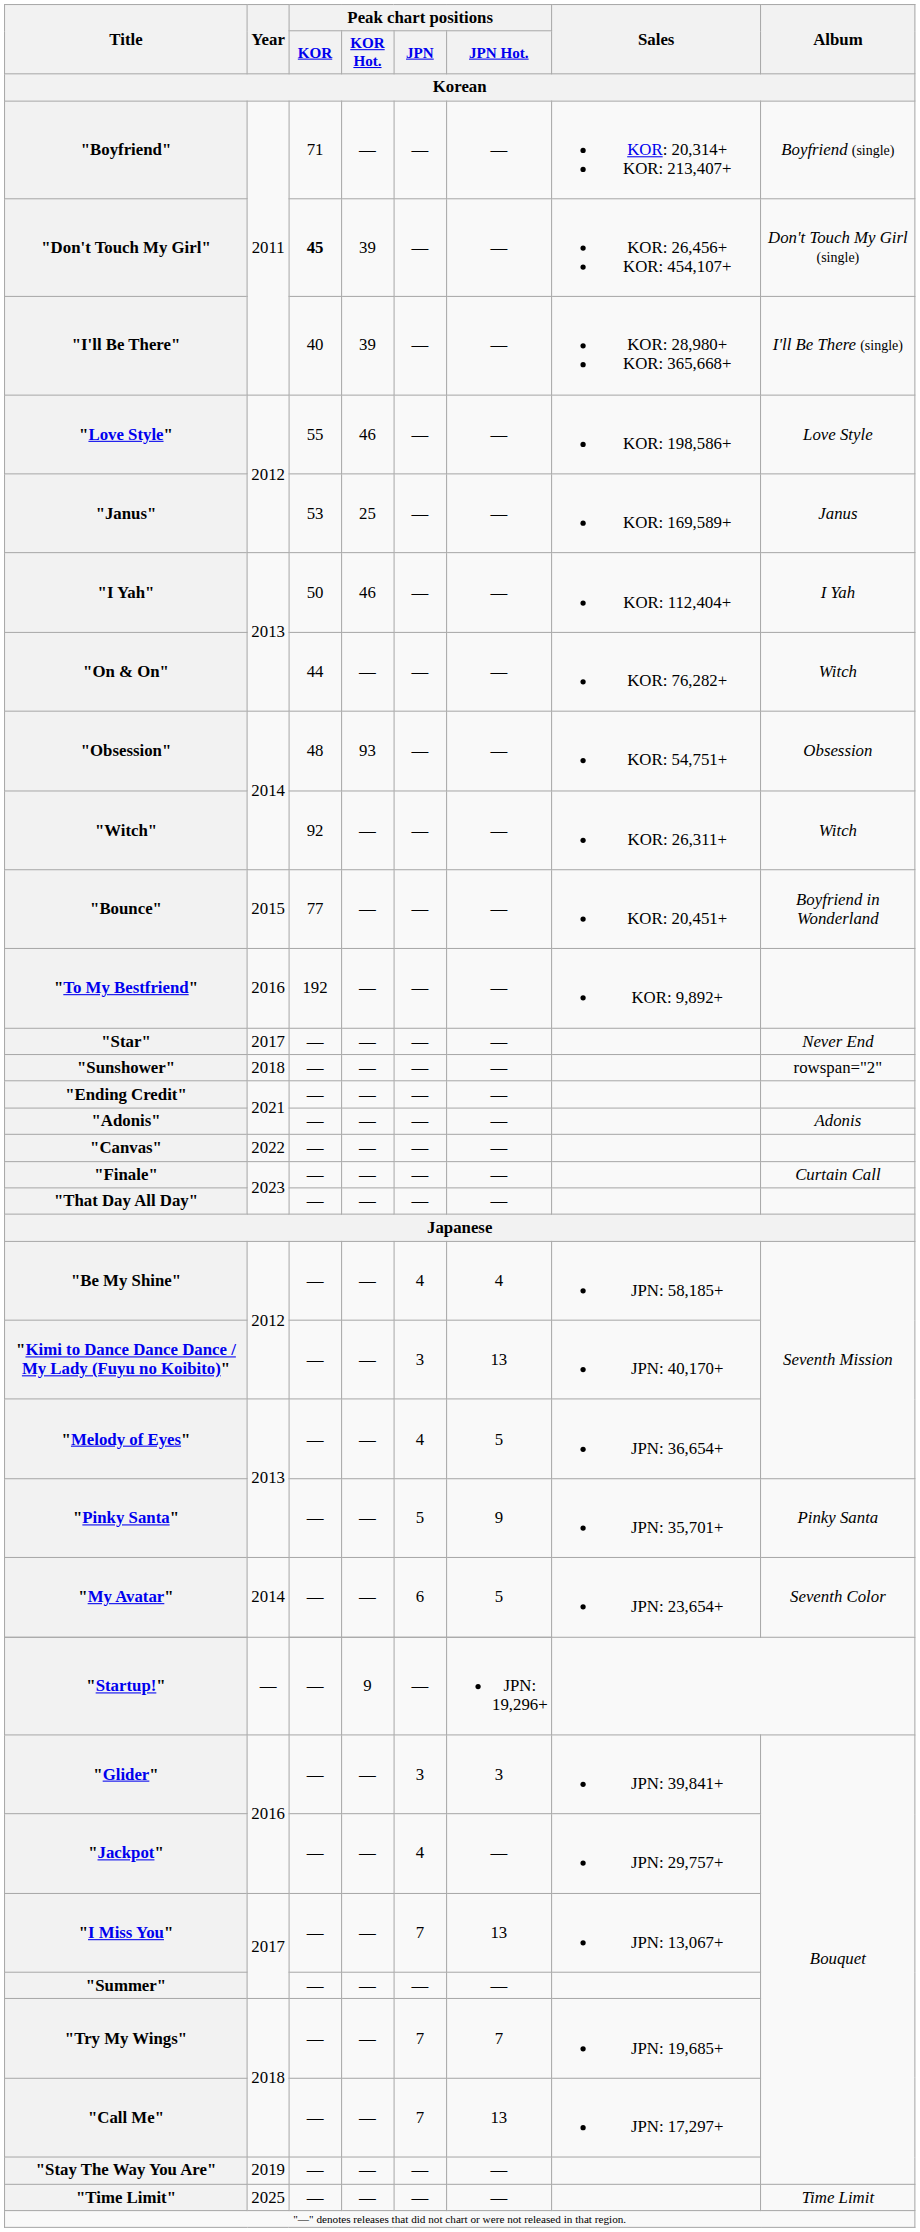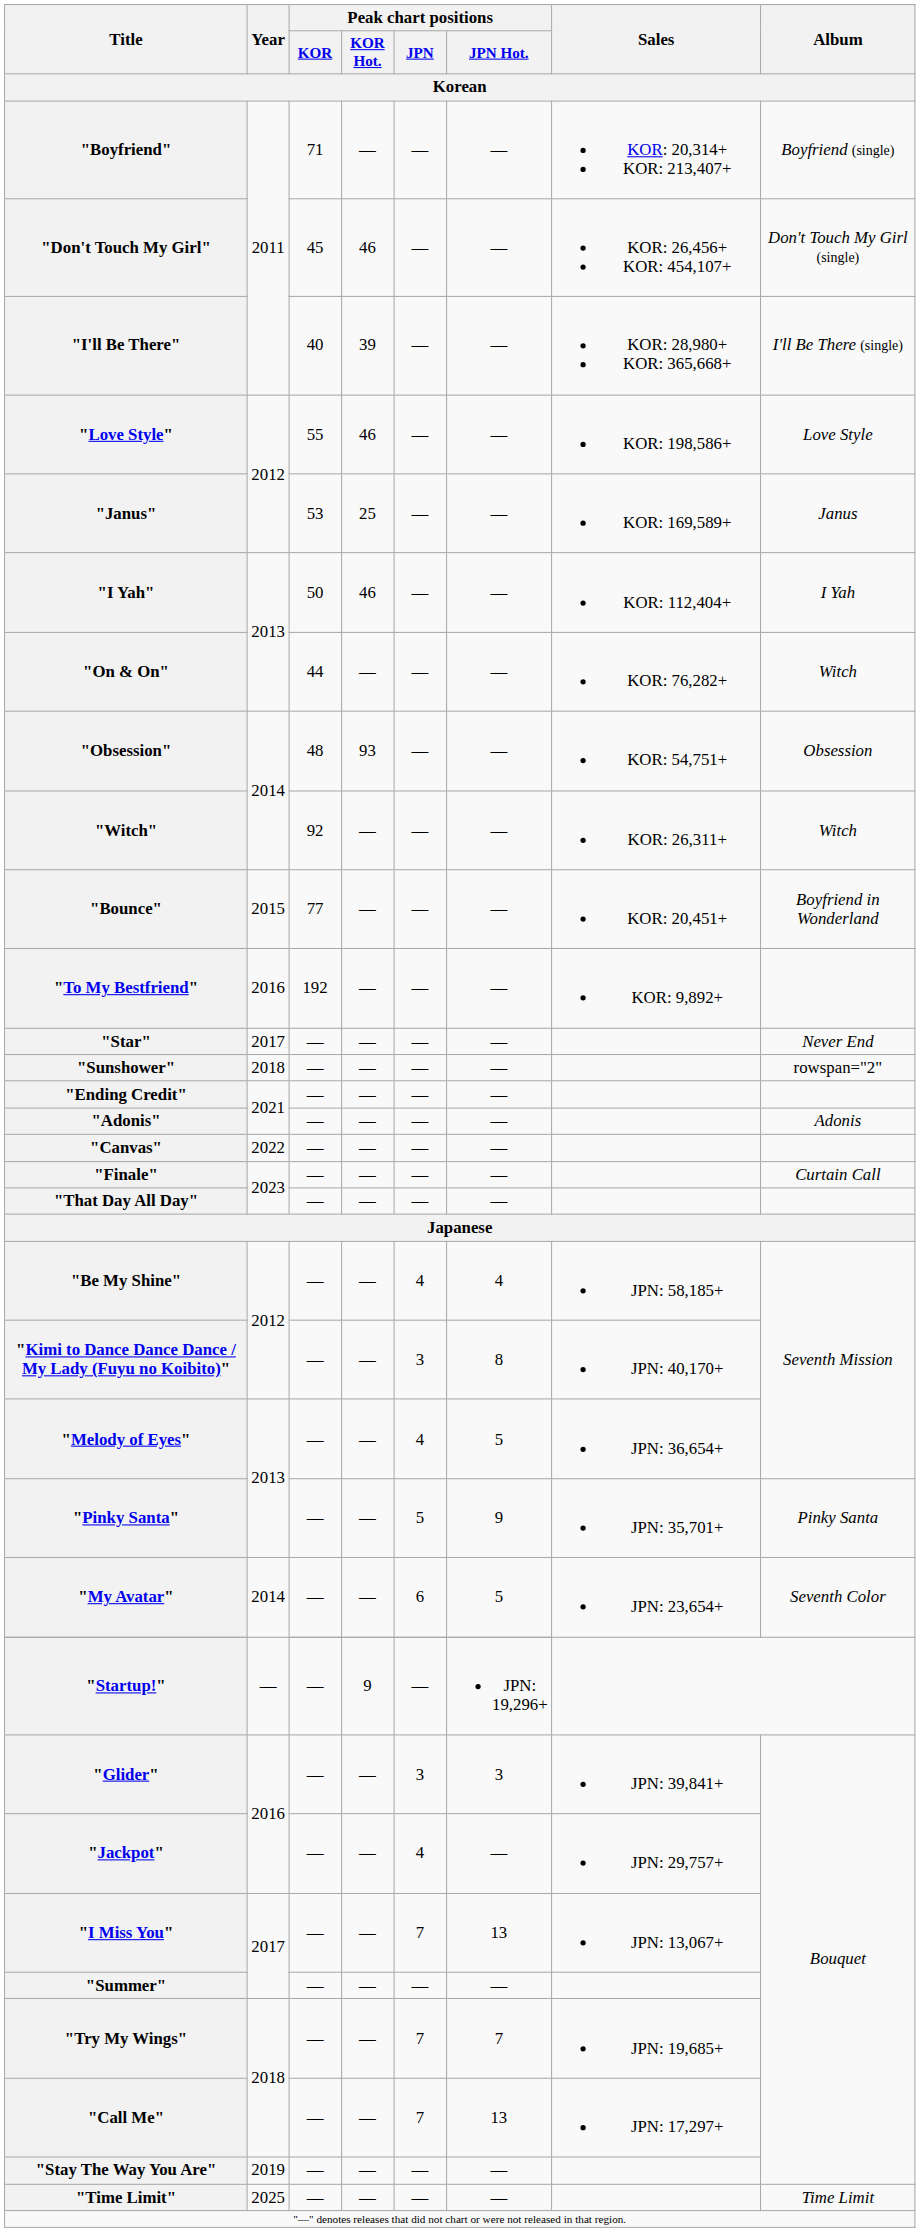 <table class="wikitable plainrowheaders" style="text-align:center;">
 <tr>
 <th scope="col" rowspan="2" style="width:14em;">Title</th>
 <th scope="col" rowspan="2">Year</th>
 <th scope="col" colspan="4">Peak chart positions</th>
 <th scope="col" rowspan="2" style="width:12em;">Sales</th>
 <th scope="col" rowspan="2">Album</th>
 </tr>
 <tr>
 <th scope="col" style="width:3em;font-size:90%;"><a href='#'>KOR</a><br></th>
 <th scope="col" style="width:3em;font-size:90%;"><a href='#'>KOR Hot.</a><br></th>
 <th scope="col" style="width:3em;font-size:90%;"><a href='#'>JPN</a><br></th>
 <th scope="col" style="width:3em;font-size:90%;"><a href='#'>JPN Hot.</a><br></th>
 </tr>
 <tr>
 <th colspan="8">Korean</th>
 </tr>
 <tr>
 <th scope="row">"Boyfriend"</th>
 <td rowspan="3">2011</td>
 <td>71</td>
 <td>—</td>
 <td>—</td>
 <td>—</td>
 <td><br><ul><li><a href='#'>KOR</a>: 20,314+ </li><li>KOR: 213,407+</li></ul></td>
 <td><em>Boyfriend</em> <small>(single)</small></td>
 </tr>
 <tr>
 <th scope="row">"Don't Touch My Girl"</th>
-<td><strong>45</strong></td>
-<td>39</td>
+<td>45</td>
+<td>46</td>
 <td>—</td>
 <td>—</td>
 <td><br><ul><li>KOR: 26,456+ </li><li>KOR: 454,107+</li></ul></td>
 <td><em>Don't Touch My Girl</em> <small>(single)</small></td>
 </tr>
 <tr>
 <th scope="row">"I'll Be There"</th>
 <td>40</td>
 <td>39</td>
 <td>—</td>
 <td>—</td>
 <td><br><ul><li>KOR: 28,980+ </li><li>KOR: 365,668+</li></ul></td>
 <td><em>I'll Be There</em> <small>(single)</small></td>
 </tr>
 <tr>
 <th scope="row">"<a href='#'>Love Style</a>"</th>
 <td rowspan="2">2012</td>
 <td>55</td>
 <td>46</td>
 <td>—</td>
 <td>—</td>
 <td><br><ul><li>KOR: 198,586+</li></ul></td>
 <td><em>Love Style</em></td>
 </tr>
 <tr>
 <th scope="row">"Janus"</th>
 <td>53</td>
 <td>25</td>
 <td>—</td>
 <td>—</td>
 <td><br><ul><li>KOR: 169,589+</li></ul></td>
 <td><em>Janus</em></td>
 </tr>
 <tr>
 <th scope="row">"I Yah"</th>
 <td rowspan="2">2013</td>
 <td>50</td>
 <td>46</td>
 <td>—</td>
 <td>—</td>
 <td><br><ul><li>KOR: 112,404+</li></ul></td>
 <td><em>I Yah</em></td>
 </tr>
 <tr>
 <th scope="row">"On & On"</th>
 <td>44</td>
 <td>—</td>
 <td>—</td>
 <td>—</td>
 <td><br><ul><li>KOR: 76,282+</li></ul></td>
 <td><em>Witch</em></td>
 </tr>
 <tr>
 <th scope="row">"Obsession"</th>
 <td rowspan="2">2014</td>
 <td>48</td>
 <td>93</td>
 <td>—</td>
 <td>—</td>
 <td><br><ul><li>KOR: 54,751+</li></ul></td>
 <td><em>Obsession</em></td>
 </tr>
 <tr>
 <th scope="row">"Witch"</th>
 <td>92</td>
 <td>—</td>
 <td>—</td>
 <td>—</td>
 <td><br><ul><li>KOR: 26,311+</li></ul></td>
 <td><em>Witch</em></td>
 </tr>
 <tr>
 <th scope="row">"Bounce"</th>
 <td>2015</td>
 <td>77</td>
 <td>—</td>
 <td>—</td>
 <td>—</td>
 <td><br><ul><li>KOR: 20,451+</li></ul></td>
 <td><em>Boyfriend in Wonderland</em></td>
 </tr>
 <tr>
 <th scope="row">"<a href='#'>To My Bestfriend</a>"</th>
 <td>2016</td>
 <td>192</td>
 <td>—</td>
 <td>—</td>
 <td>—</td>
 <td><br><ul><li>KOR: 9,892+</li></ul></td>
 <td></td>
 </tr>
 <tr>
 <th scope="row">"Star"</th>
 <td>2017</td>
 <td>—</td>
 <td>—</td>
 <td>—</td>
 <td>—</td>
 <td></td>
 <td><em>Never End</em></td>
 </tr>
 <tr>
 <th scope="row">"Sunshower"</th>
 <td>2018</td>
 <td>—</td>
 <td>—</td>
 <td>—</td>
 <td>—</td>
 <td></td>
 <td>rowspan="2" </td>
 </tr>
 <tr>
 <th scope="row">"Ending Credit"</th>
 <td rowspan="2">2021</td>
 <td>—</td>
 <td>—</td>
 <td>—</td>
 <td>—</td>
 <td></td>
 </tr>
 <tr>
 <th scope="row">"Adonis"</th>
 <td>—</td>
 <td>—</td>
 <td>—</td>
 <td>—</td>
 <td></td>
 <td><em>Adonis</em></td>
 </tr>
 <tr>
 <th scope="row">"Canvas"</th>
 <td>2022</td>
 <td>—</td>
 <td>—</td>
 <td>—</td>
 <td>—</td>
 <td></td>
 <td></td>
 </tr>
 <tr>
 <th scope="row">"Finale"</th>
 <td rowspan="2">2023</td>
 <td>—</td>
 <td>—</td>
 <td>—</td>
 <td>—</td>
 <td></td>
 <td><em>Curtain Call</em></td>
 </tr>
 <tr>
 <th scope="row">"That Day All Day"</th>
 <td>—</td>
 <td>—</td>
 <td>—</td>
 <td>—</td>
 <td></td>
 <td></td>
 </tr>
 <tr>
 <th colspan="8">Japanese</th>
 </tr>
 <tr>
 <th scope="row">"Be My Shine"</th>
 <td rowspan="2">2012</td>
 <td>—</td>
 <td>—</td>
 <td>4</td>
 <td>4</td>
 <td><br><ul><li>JPN: 58,185+</li></ul></td>
 <td rowspan="3"><em>Seventh Mission</em></td>
 </tr>
 <tr>
 <th scope="row">"<a href='#'>Kimi to Dance Dance Dance / My Lady (Fuyu no Koibito)</a>"</th>
 <td>—</td>
 <td>—</td>
 <td>3</td>
-<td>13</td>
+<td>8</td>
 <td><br><ul><li>JPN: 40,170+</li></ul></td>
 </tr>
 <tr>
 <th scope="row">"<a href='#'>Melody of Eyes</a>"</th>
 <td rowspan="2">2013</td>
 <td>—</td>
 <td>—</td>
 <td>4</td>
 <td>5</td>
 <td><br><ul><li>JPN: 36,654+</li></ul></td>
 </tr>
 <tr>
 <th scope="row">"<a href='#'>Pinky Santa</a>"</th>
 <td>—</td>
 <td>—</td>
 <td>5</td>
 <td>9</td>
 <td><br><ul><li>JPN: 35,701+</li></ul></td>
 <td><em>Pinky Santa</em></td>
 </tr>
 <tr>
 <th scope="row">"<a href='#'>My Avatar</a>"</th>
 <td rowspan="2">2014</td>
 <td>—</td>
 <td>—</td>
 <td>6</td>
 <td>5</td>
 <td><br><ul><li>JPN: 23,654+</li></ul></td>
 <td rowspan="2"><em>Seventh Color</em></td>
 </tr>
 <tr>
 </tr>
 <tr>
 <th scope="row">"<a href='#'>Startup!</a>"</th>
 <td>—</td>
 <td>—</td>
 <td>9</td>
 <td>—</td>
 <td><br><ul><li>JPN: 19,296+</li></ul></td>
 </tr>
 <tr>
 <th scope="row">"<a href='#'>Glider</a>"</th>
 <td rowspan="2">2016</td>
 <td>—</td>
 <td>—</td>
 <td>3</td>
 <td>3</td>
 <td><br><ul><li>JPN: 39,841+</li></ul></td>
 <td rowspan="7"><em>Bouquet</em></td>
 </tr>
 <tr>
 <th scope="row">"<a href='#'>Jackpot</a>"</th>
 <td>—</td>
 <td>—</td>
 <td>4</td>
 <td>—</td>
 <td><br><ul><li>JPN: 29,757+</li></ul></td>
 </tr>
 <tr>
 <th scope="row">"<a href='#'>I Miss You</a>"</th>
 <td rowspan="2">2017</td>
 <td>—</td>
 <td>—</td>
 <td>7</td>
 <td>13</td>
 <td><br><ul><li>JPN: 13,067+</li></ul></td>
 </tr>
 <tr>
 <th scope="row">"Summer"</th>
 <td>—</td>
 <td>—</td>
 <td>—</td>
 <td>—</td>
 <td></td>
 </tr>
 <tr>
 <th scope="row">"Try My Wings"</th>
 <td rowspan="2">2018</td>
 <td>—</td>
 <td>—</td>
 <td>7</td>
 <td>7</td>
 <td><br><ul><li>JPN: 19,685+</li></ul></td>
 </tr>
 <tr>
 <th scope="row">"Call Me"</th>
 <td>—</td>
 <td>—</td>
 <td>7</td>
 <td>13</td>
 <td><br><ul><li>JPN: 17,297+</li></ul></td>
 </tr>
 <tr>
 <th scope="row">"Stay The Way You Are"</th>
 <td>2019</td>
 <td>—</td>
 <td>—</td>
 <td>—</td>
 <td>—</td>
 <td></td>
 </tr>
 <tr>
 <th scope="row">"Time Limit"</th>
 <td>2025</td>
 <td>—</td>
 <td>—</td>
 <td>—</td>
 <td>—</td>
 <td></td>
 <td><em>Time Limit</em></td>
 </tr>
 <tr>
 <td colspan="8" style="font-size:8pt;">"—" denotes releases that did not chart or were not released in that region.</td>
 </tr>
 </table>
